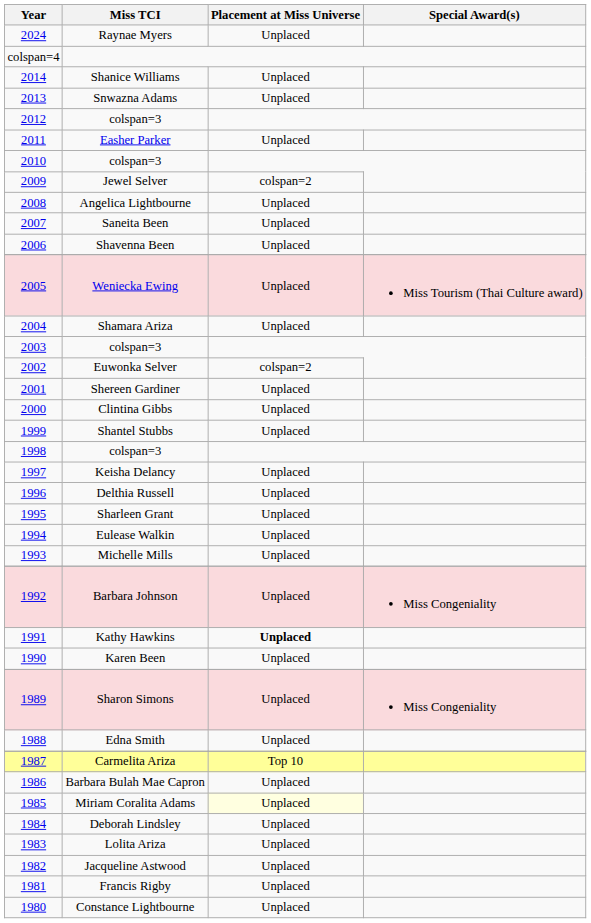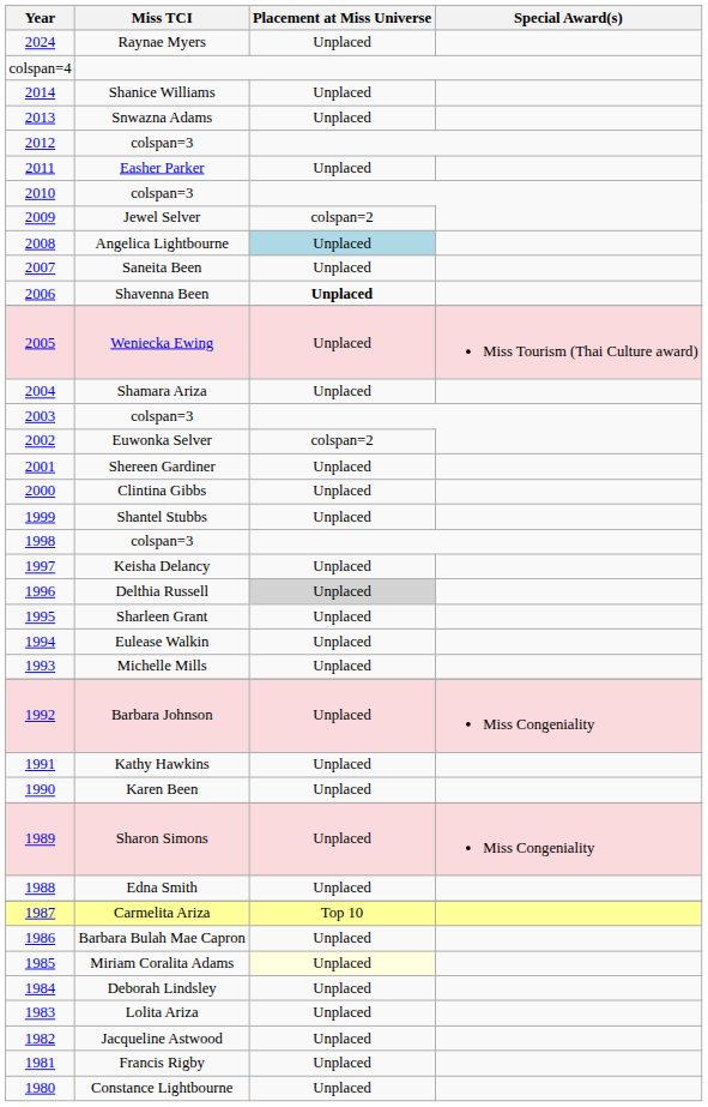 <table class="wikitable " style="font-size: 85%; text-align:center;">
 <tr>
 <th>Year</th>
 <th>Miss TCI</th>
 <th>Placement at Miss Universe</th>
 <th>Special Award(s)</th>
 </tr>
 <tr>
 <td><a href='#'>2024</a></td>
 <td>Raynae Myers</td>
 <td>Unplaced</td>
 <td></td>
 </tr>
 <tr>
 <td>colspan=4 </td>
 </tr>
 <tr>
 <td><a href='#'>2014</a></td>
 <td>Shanice Williams</td>
 <td>Unplaced</td>
 <td></td>
 </tr>
 <tr>
 <td><a href='#'>2013</a></td>
 <td>Snwazna Adams</td>
 <td>Unplaced</td>
 <td></td>
 </tr>
 <tr>
 <td><a href='#'>2012</a></td>
 <td>colspan=3 </td>
 </tr>
 <tr>
 <td><a href='#'>2011</a></td>
 <td><a href='#'>Easher Parker</a></td>
 <td>Unplaced</td>
 <td></td>
 </tr>
 <tr>
 <td><a href='#'>2010</a></td>
 <td>colspan=3 </td>
 </tr>
 <tr>
 <td><a href='#'>2009</a></td>
 <td>Jewel Selver</td>
 <td>colspan=2 </td>
 </tr>
 <tr>
 <td><a href='#'>2008</a></td>
 <td>Angelica Lightbourne</td>
-<td>Unplaced</td>
+<td style="background: lightblue;">Unplaced</td>
 <td></td>
 </tr>
 <tr>
 <td><a href='#'>2007</a></td>
 <td>Saneita Been</td>
 <td>Unplaced</td>
 <td></td>
 </tr>
 <tr>
 <td><a href='#'>2006</a></td>
 <td>Shavenna Been</td>
-<td>Unplaced</td>
+<td><strong>Unplaced</strong></td>
 <td></td>
 </tr>
 <tr>
 </tr>
 <tr style="background-color:#FADADD;">
 <td><a href='#'>2005</a></td>
 <td><a href='#'>Weniecka Ewing</a></td>
 <td>Unplaced</td>
 <td align="left"><br><ul><li>Miss Tourism (Thai Culture award)</li></ul></td>
 </tr>
 <tr>
 <td><a href='#'>2004</a></td>
 <td>Shamara Ariza</td>
 <td>Unplaced</td>
 <td></td>
 </tr>
 <tr>
 <td><a href='#'>2003</a></td>
 <td>colspan=3 </td>
 </tr>
 <tr>
 <td><a href='#'>2002</a></td>
 <td>Euwonka Selver</td>
 <td>colspan=2 </td>
 </tr>
 <tr>
 <td><a href='#'>2001</a></td>
 <td>Shereen Gardiner</td>
 <td>Unplaced</td>
 <td></td>
 </tr>
 <tr>
 <td><a href='#'>2000</a></td>
 <td>Clintina Gibbs</td>
 <td>Unplaced</td>
 <td></td>
 </tr>
 <tr>
 <td><a href='#'>1999</a></td>
 <td>Shantel Stubbs</td>
 <td>Unplaced</td>
 <td></td>
 </tr>
 <tr>
 <td><a href='#'>1998</a></td>
 <td>colspan=3 </td>
 </tr>
 <tr>
 <td><a href='#'>1997</a></td>
 <td>Keisha Delancy</td>
 <td>Unplaced</td>
 <td></td>
 </tr>
 <tr>
 <td><a href='#'>1996</a></td>
 <td>Delthia Russell</td>
-<td>Unplaced</td>
+<td style="background: lightgrey;">Unplaced</td>
 <td></td>
 </tr>
 <tr>
 <td><a href='#'>1995</a></td>
 <td>Sharleen Grant</td>
 <td>Unplaced</td>
 <td></td>
 </tr>
 <tr>
 <td><a href='#'>1994</a></td>
 <td>Eulease Walkin</td>
 <td>Unplaced</td>
 <td></td>
 </tr>
 <tr>
 <td><a href='#'>1993</a></td>
 <td>Michelle Mills</td>
 <td>Unplaced</td>
 <td></td>
 </tr>
 <tr>
 </tr>
 <tr style="background-color:#FADADD;">
 <td><a href='#'>1992</a></td>
 <td>Barbara Johnson</td>
 <td>Unplaced</td>
 <td align="left"><br><ul><li>Miss Congeniality</li></ul></td>
 </tr>
 <tr>
 <td><a href='#'>1991</a></td>
 <td>Kathy Hawkins</td>
-<td><strong>Unplaced</strong></td>
+<td>Unplaced</td>
 <td></td>
 </tr>
 <tr>
 <td><a href='#'>1990</a></td>
 <td>Karen Been</td>
 <td>Unplaced</td>
 <td></td>
 </tr>
 <tr>
 </tr>
 <tr style="background-color:#FADADD;">
 <td><a href='#'>1989</a></td>
 <td>Sharon Simons</td>
 <td>Unplaced</td>
 <td align="left"><br><ul><li>Miss Congeniality</li></ul></td>
 </tr>
 <tr>
 <td><a href='#'>1988</a></td>
 <td>Edna Smith</td>
 <td>Unplaced</td>
 <td></td>
 </tr>
 <tr>
 </tr>
 <tr style="background-color:#FFFF99;">
 <td><a href='#'>1987</a></td>
 <td>Carmelita Ariza</td>
 <td>Top 10</td>
 <td></td>
 </tr>
 <tr>
 <td><a href='#'>1986</a></td>
 <td>Barbara Bulah Mae Capron</td>
 <td>Unplaced</td>
 <td></td>
 </tr>
 <tr>
 <td><a href='#'>1985</a></td>
 <td>Miriam Coralita Adams</td>
 <td style="background: lightyellow;">Unplaced</td>
 <td></td>
 </tr>
 <tr>
 <td><a href='#'>1984</a></td>
 <td>Deborah Lindsley</td>
 <td>Unplaced</td>
 <td></td>
 </tr>
 <tr>
 <td><a href='#'>1983</a></td>
 <td>Lolita Ariza</td>
 <td>Unplaced</td>
 <td></td>
 </tr>
 <tr>
 <td><a href='#'>1982</a></td>
 <td>Jacqueline Astwood</td>
 <td>Unplaced</td>
 <td></td>
 </tr>
 <tr>
 <td><a href='#'>1981</a></td>
 <td>Francis Rigby</td>
 <td>Unplaced</td>
 <td></td>
 </tr>
 <tr>
 <td><a href='#'>1980</a></td>
 <td>Constance Lightbourne</td>
 <td>Unplaced</td>
 <td></td>
 </tr>
 </table>
